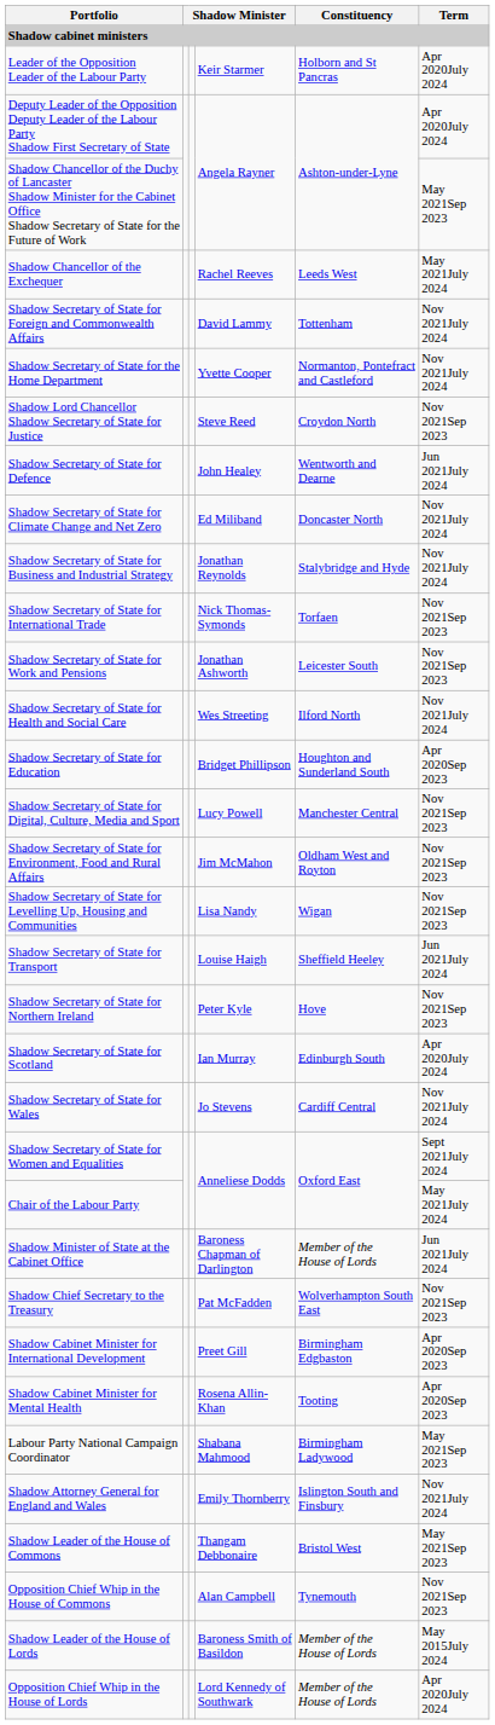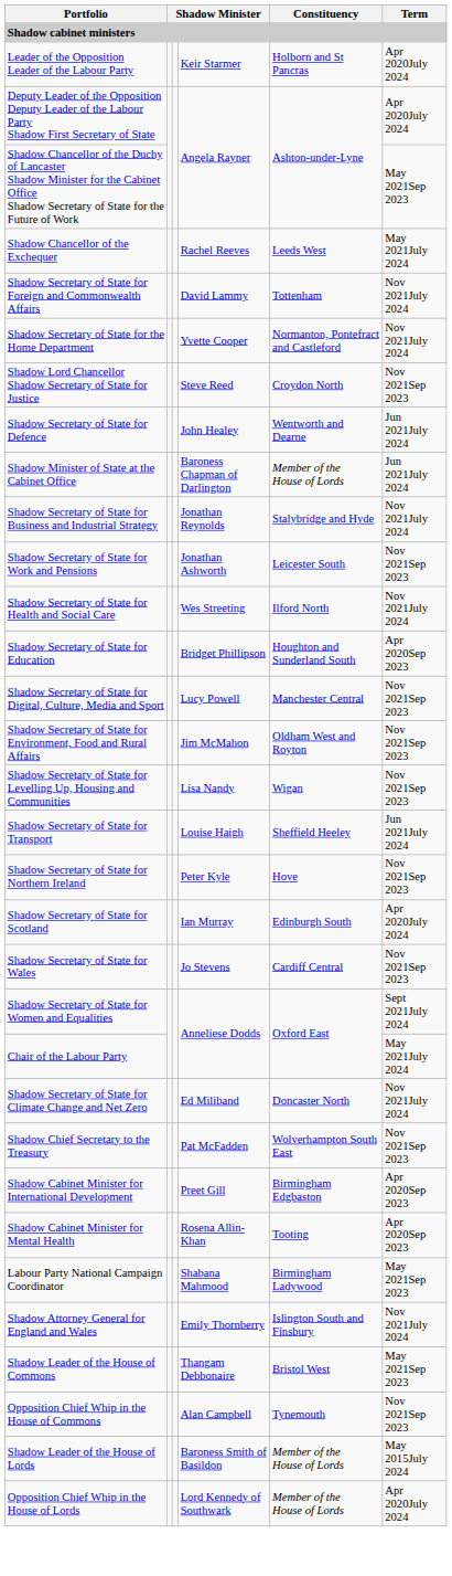 <table class="wikitable"/>
 <tr>
 <th colspan="1">Portfolio</th>
 <th colspan="3">Shadow Minister</th>
 <th colspan="1">Constituency</th>
 <th colspan="1">Term</th>
 </tr>
 <tr>
 <td style="background:#ccc;" colspan="6"><strong>Shadow cabinet ministers</strong></td>
 </tr>
 <tr>
 <td><a href='#'>Leader of the Opposition</a><br><a href='#'>Leader of the Labour Party</a></td>
 <td style="background: "></td>
 <td></td>
 <td><a href='#'>Keir Starmer</a></td>
 <td><a href='#'>Holborn and St Pancras</a></td>
 <td>Apr 2020July 2024</td>
 </tr>
 <tr>
 <td><a href='#'>Deputy Leader of the Opposition</a><br><a href='#'>Deputy Leader of the Labour Party</a><br><a href='#'>Shadow First Secretary of State</a></td>
 <td rowspan="2" style="background: "></td>
 <td rowspan="2"></td>
 <td rowspan="2"><a href='#'>Angela Rayner</a></td>
 <td rowspan="2"><a href='#'>Ashton-under-Lyne</a></td>
 <td>Apr 2020July 2024</td>
 </tr>
 <tr>
 <td><a href='#'>Shadow Chancellor of the Duchy of Lancaster</a><br><a href='#'>Shadow Minister for the Cabinet Office</a><br>Shadow Secretary of State for the Future of Work<br></td>
 <td>May 2021Sep 2023</td>
 </tr>
 <tr>
 <td><a href='#'>Shadow Chancellor of the Exchequer</a></td>
 <td style="background: "></td>
 <td></td>
 <td><a href='#'>Rachel Reeves</a></td>
 <td><a href='#'>Leeds West</a></td>
 <td>May 2021July 2024</td>
 </tr>
 <tr>
 <td><a href='#'>Shadow Secretary of State for Foreign and Commonwealth Affairs</a></td>
 <td style="background: "></td>
 <td></td>
 <td><a href='#'>David Lammy</a></td>
 <td><a href='#'>Tottenham</a></td>
 <td>Nov 2021July 2024</td>
 </tr>
 <tr>
 <td><a href='#'>Shadow Secretary of State for the Home Department</a></td>
 <td style="background: "></td>
 <td></td>
 <td><a href='#'>Yvette Cooper</a></td>
 <td><a href='#'>Normanton, Pontefract and Castleford</a></td>
 <td>Nov 2021July 2024</td>
 </tr>
 <tr>
 <td><a href='#'>Shadow Lord Chancellor</a><br><a href='#'>Shadow Secretary of State for Justice</a></td>
 <td style="background: "></td>
 <td></td>
 <td><a href='#'>Steve Reed</a></td>
 <td><a href='#'>Croydon North</a></td>
 <td>Nov 2021Sep 2023</td>
 </tr>
 <tr>
 <td><a href='#'>Shadow Secretary of State for Defence</a></td>
 <td style="background: "></td>
 <td></td>
 <td><a href='#'>John Healey</a></td>
 <td><a href='#'>Wentworth and Dearne</a></td>
 <td>Jun 2021July 2024</td>
 </tr>
 <tr>
-<td><a href='#'>Shadow Secretary of State for Climate Change and Net Zero</a></td>
+<td><a href='#'>Shadow Minister of State at the Cabinet Office</a></td>
 <td style="background: "></td>
 <td></td>
-<td><a href='#'>Ed Miliband</a></td>
-<td><a href='#'>Doncaster North</a></td>
-<td>Nov 2021July 2024</td>
+<td><a href='#'>Baroness Chapman of Darlington</a></td>
+<td><em>Member of the House of Lords</em></td>
+<td>Jun 2021July 2024</td>
 </tr>
 <tr>
 <td><a href='#'>Shadow Secretary of State for Business and Industrial Strategy</a></td>
 <td style="background: "></td>
 <td></td>
 <td><a href='#'>Jonathan Reynolds</a></td>
 <td><a href='#'>Stalybridge and Hyde</a></td>
 <td>Nov 2021July 2024</td>
-</tr>
-<tr>
-<td><a href='#'>Shadow Secretary of State for International Trade</a></td>
-<td style="background: "></td>
-<td></td>
-<td><a href='#'>Nick Thomas-Symonds</a></td>
-<td><a href='#'>Torfaen</a></td>
-<td>Nov 2021Sep 2023</td>
 </tr>
 <tr>
 <td><a href='#'>Shadow Secretary of State for Work and Pensions</a></td>
 <td style="background: "></td>
 <td></td>
 <td><a href='#'>Jonathan Ashworth</a></td>
 <td><a href='#'>Leicester South</a></td>
 <td>Nov 2021Sep 2023</td>
 </tr>
 <tr>
 <td><a href='#'>Shadow Secretary of State for Health and Social Care</a></td>
 <td style="background: "></td>
 <td></td>
 <td><a href='#'>Wes Streeting</a></td>
 <td><a href='#'>Ilford North</a></td>
 <td>Nov 2021July 2024</td>
 </tr>
 <tr>
 <td><a href='#'>Shadow Secretary of State for Education</a></td>
 <td style="background: "></td>
 <td></td>
 <td><a href='#'>Bridget Phillipson</a></td>
 <td><a href='#'>Houghton and Sunderland South</a></td>
 <td>Apr 2020Sep 2023</td>
 </tr>
 <tr>
 <td><a href='#'>Shadow Secretary of State for Digital, Culture, Media and Sport</a></td>
 <td style="background: "></td>
 <td></td>
 <td><a href='#'>Lucy Powell</a></td>
 <td><a href='#'>Manchester Central</a></td>
 <td>Nov 2021Sep 2023</td>
 </tr>
 <tr>
 <td><a href='#'>Shadow Secretary of State for Environment, Food and Rural Affairs</a></td>
 <td style="background: "></td>
 <td></td>
 <td><a href='#'>Jim McMahon</a></td>
 <td><a href='#'>Oldham West and Royton</a></td>
 <td>Nov 2021Sep 2023</td>
 </tr>
 <tr>
 <td><a href='#'>Shadow Secretary of State for Levelling Up, Housing and Communities</a></td>
 <td style="background: "></td>
 <td></td>
 <td><a href='#'>Lisa Nandy</a></td>
 <td><a href='#'>Wigan</a></td>
 <td>Nov 2021Sep 2023</td>
 </tr>
 <tr>
 <td><a href='#'>Shadow Secretary of State for Transport</a></td>
 <td style="background: "></td>
 <td></td>
 <td><a href='#'>Louise Haigh</a></td>
 <td><a href='#'>Sheffield Heeley</a></td>
 <td>Jun 2021July 2024</td>
 </tr>
 <tr>
 <td><a href='#'>Shadow Secretary of State for Northern Ireland</a></td>
 <td style="background: "></td>
 <td></td>
 <td><a href='#'>Peter Kyle</a></td>
 <td><a href='#'>Hove</a></td>
 <td>Nov 2021Sep 2023</td>
 </tr>
 <tr>
 <td><a href='#'>Shadow Secretary of State for Scotland</a></td>
 <td style="background: "></td>
 <td></td>
 <td><a href='#'>Ian Murray</a></td>
 <td><a href='#'>Edinburgh South</a></td>
 <td>Apr 2020July 2024</td>
 </tr>
 <tr>
 <td><a href='#'>Shadow Secretary of State for Wales</a></td>
 <td style="background: "></td>
 <td></td>
 <td><a href='#'>Jo Stevens</a></td>
 <td><a href='#'>Cardiff Central</a></td>
-<td>Nov 2021July 2024</td>
+<td>Nov 2021Sep 2023</td>
 </tr>
 <tr>
 <td><a href='#'>Shadow Secretary of State for Women and Equalities</a></td>
 <td rowspan="2" style="background: "></td>
 <td rowspan="2"></td>
 <td rowspan="2"><a href='#'>Anneliese Dodds</a></td>
 <td rowspan="2"><a href='#'>Oxford East</a></td>
 <td>Sept 2021July 2024</td>
 </tr>
 <tr>
 <td><a href='#'>Chair of the Labour Party</a></td>
 <td>May 2021July 2024</td>
 </tr>
 <tr>
-<td><a href='#'>Shadow Minister of State at the Cabinet Office</a></td>
+<td><a href='#'>Shadow Secretary of State for Climate Change and Net Zero</a></td>
 <td style="background: "></td>
 <td></td>
-<td><a href='#'>Baroness Chapman of Darlington</a></td>
-<td><em>Member of the House of Lords</em></td>
-<td>Jun 2021July 2024</td>
+<td><a href='#'>Ed Miliband</a></td>
+<td><a href='#'>Doncaster North</a></td>
+<td>Nov 2021July 2024</td>
 </tr>
 <tr>
 <td><a href='#'>Shadow Chief Secretary to the Treasury</a></td>
 <td style="background: "></td>
 <td></td>
 <td><a href='#'>Pat McFadden</a></td>
 <td><a href='#'>Wolverhampton South East</a></td>
 <td>Nov 2021Sep 2023</td>
 </tr>
 <tr>
 <td><a href='#'>Shadow Cabinet Minister for International Development</a></td>
 <td style="background: "></td>
 <td></td>
 <td><a href='#'>Preet Gill</a></td>
 <td><a href='#'>Birmingham Edgbaston</a></td>
 <td>Apr 2020Sep 2023</td>
 </tr>
 <tr>
 <td><a href='#'>Shadow Cabinet Minister for Mental Health</a></td>
 <td style="background: "></td>
 <td></td>
 <td><a href='#'>Rosena Allin-Khan</a></td>
 <td><a href='#'>Tooting</a></td>
 <td>Apr 2020Sep 2023</td>
 </tr>
 <tr>
 <td>Labour Party National Campaign Coordinator</td>
 <td style="background: "></td>
 <td></td>
 <td><a href='#'>Shabana Mahmood</a></td>
 <td><a href='#'>Birmingham Ladywood</a></td>
 <td>May 2021Sep 2023</td>
 </tr>
 <tr>
 <td><a href='#'>Shadow Attorney General for England and Wales</a></td>
 <td style="background: "></td>
 <td></td>
 <td><a href='#'>Emily Thornberry</a></td>
 <td><a href='#'>Islington South and Finsbury</a></td>
 <td>Nov 2021July 2024</td>
 </tr>
 <tr>
 <td><a href='#'>Shadow Leader of the House of Commons</a></td>
 <td style="background: "></td>
 <td></td>
 <td><a href='#'>Thangam Debbonaire</a></td>
 <td><a href='#'>Bristol West</a></td>
 <td>May 2021Sep 2023</td>
 </tr>
 <tr>
 <td><a href='#'>Opposition Chief Whip in the House of Commons</a></td>
 <td style="background: "></td>
 <td></td>
 <td><a href='#'>Alan Campbell</a></td>
 <td><a href='#'>Tynemouth</a></td>
 <td>Nov 2021Sep 2023</td>
 </tr>
 <tr>
 <td><a href='#'>Shadow Leader of the House of Lords</a></td>
 <td style="background: "></td>
 <td></td>
 <td><a href='#'>Baroness Smith of Basildon</a></td>
 <td><em>Member of the House of Lords</em></td>
 <td>May 2015July 2024</td>
 </tr>
 <tr>
 <td><a href='#'>Opposition Chief Whip in the House of Lords</a></td>
 <td style="background: "></td>
 <td></td>
 <td><a href='#'>Lord Kennedy of Southwark</a></td>
 <td><em>Member of the House of Lords</em></td>
 <td>Apr 2020July 2024</td>
 </tr>
 </table>
